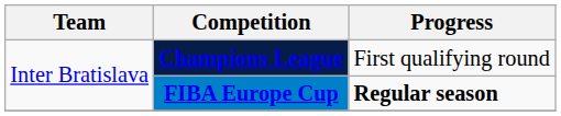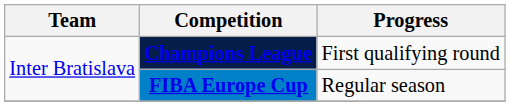 <table class="wikitable sortable">
 <tr>
 <th>Team</th>
 <th>Competition</th>
 <th>Progress</th>
 </tr>
 <tr>
 <td rowspan=2><a href='#'>Inter Bratislava</a></td>
 <td style="background-color:#071D49;color:#D0D3D4;text-align:center"><strong><a href='#'><span>Champions League</span></a></strong></td>
 <td>First qualifying round</td>
 </tr>
 <tr>
 <td style="background-color:#0080C8;color:white;text-align:center"><strong><a href='#'><span>FIBA Europe Cup</span></a></strong></td>
-<td><strong>Regular season</strong></td>
+<td>Regular season</td>
 </tr>
 <tr>
 </tr>
 </table>
